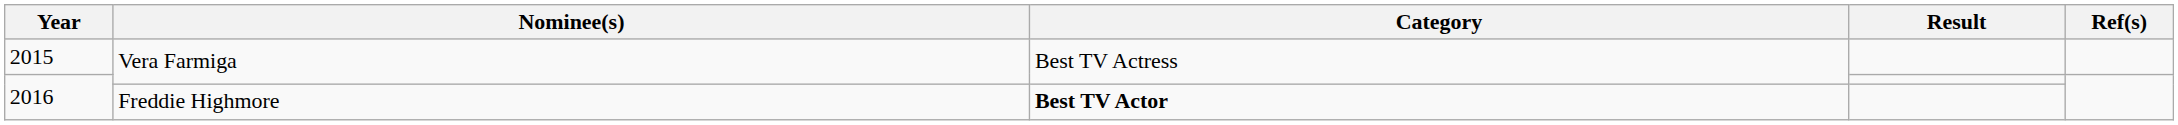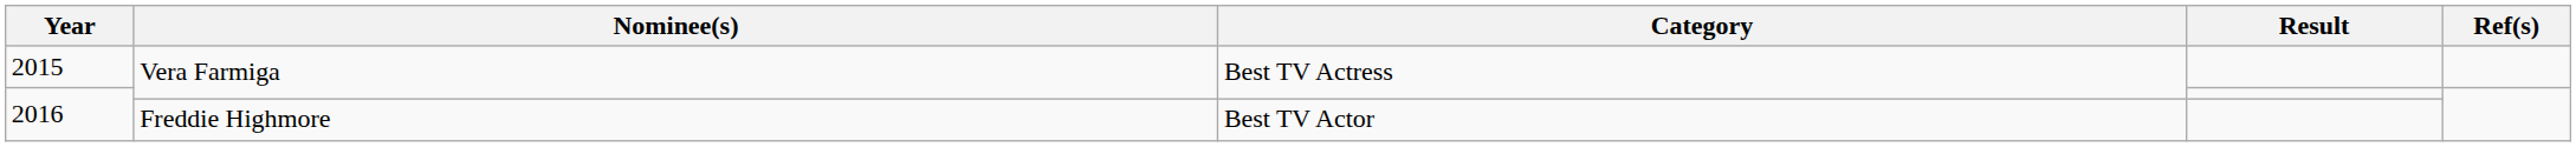 <table class="wikitable" width=100%>
 <tr>
 <th width=5%>Year</th>
 <th>Nominee(s)</th>
 <th>Category</th>
 <th width=10%>Result</th>
 <th width=5%>Ref(s)</th>
 </tr>
 <tr>
 <td>2015</td>
 <td rowspan=2>Vera Farmiga</td>
 <td rowspan=2>Best TV Actress</td>
 <td></td>
 <td></td>
 </tr>
 <tr>
 <td rowspan=2>2016</td>
 <td></td>
 <td rowspan=2></td>
 </tr>
 <tr>
 <td>Freddie Highmore</td>
-<td><strong>Best TV Actor</strong></td>
+<td>Best TV Actor</td>
 <td></td>
 </tr>
 </table>
